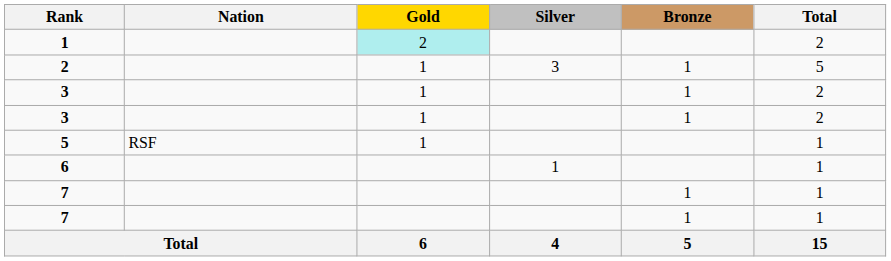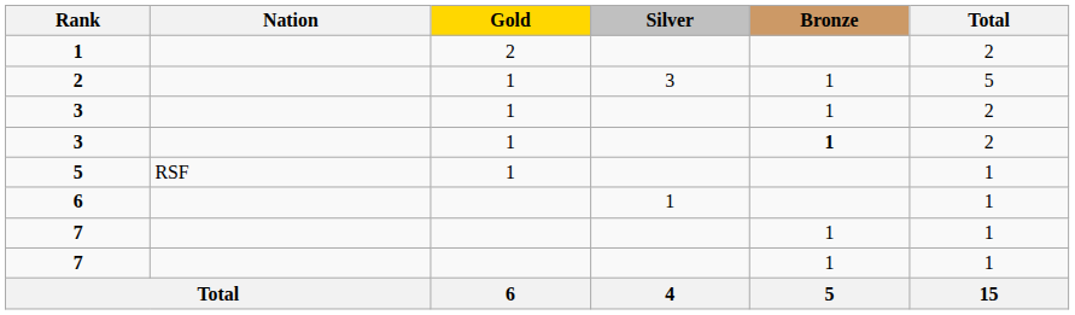 <table class="wikitable collapsible autocollapse plainrowheaders" width=70.5% style="text-align:center;">
 <tr style="background-color:#EDEDED;">
 <th width=100px class="hintergrundfarbe5">Rank</th>
 <th width=200px class="hintergrundfarbe6">Nation</th>
 <th style="background:    gold; width:15%">Gold</th>
 <th style="background:  silver; width:15%">Silver</th>
 <th style="background: #CC9966; width:15%">Bronze</th>
 <th class="hintergrundfarbe6" style="width:15%">Total</th>
 </tr>
 <tr>
 <td><strong>1</strong></td>
 <td align=left></td>
-<td style="background: paleturquoise;">2</td>
+<td>2</td>
 <td></td>
 <td></td>
 <td>2</td>
 </tr>
 <tr>
 <td><strong>2</strong></td>
 <td align=left></td>
 <td>1</td>
 <td>3</td>
 <td>1</td>
 <td>5</td>
 </tr>
 <tr>
 <td><strong>3</strong></td>
 <td align=left></td>
 <td>1</td>
 <td></td>
 <td>1</td>
 <td>2</td>
 </tr>
 <tr>
 <td><strong>3</strong></td>
 <td align=left></td>
 <td>1</td>
 <td></td>
-<td>1</td>
+<td><strong>1</strong></td>
 <td>2</td>
 </tr>
 <tr>
 <td><strong>5</strong></td>
 <td align=left>RSF</td>
 <td>1</td>
 <td></td>
 <td></td>
 <td>1</td>
 </tr>
 <tr>
 <td><strong>6</strong></td>
 <td align=left></td>
 <td></td>
 <td>1</td>
 <td></td>
 <td>1</td>
 </tr>
 <tr>
 <td><strong>7</strong></td>
 <td align=left></td>
 <td></td>
 <td></td>
 <td>1</td>
 <td>1</td>
 </tr>
 <tr>
 <td><strong>7</strong></td>
 <td align=left></td>
 <td></td>
 <td></td>
 <td>1</td>
 <td>1</td>
 </tr>
 <tr>
 <th colspan=2>Total</th>
 <th>6</th>
 <th>4</th>
 <th>5</th>
 <th>15</th>
 </tr>
 </table>
